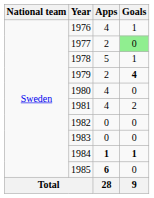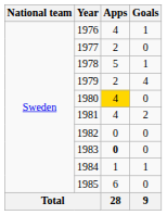 <table class="wikitable" style="text-align:center">
 <tr>
 <th>National team</th>
 <th>Year</th>
 <th>Apps</th>
 <th>Goals</th>
 </tr>
 <tr>
 <td rowspan="10"><a href='#'>Sweden</a></td>
 <td>1976</td>
 <td>4</td>
 <td>1</td>
 </tr>
 <tr>
 <td>1977</td>
 <td>2</td>
-<td style="background: lightgreen;">0</td>
+<td>0</td>
 </tr>
 <tr>
 <td>1978</td>
 <td>5</td>
 <td>1</td>
 </tr>
 <tr>
 <td>1979</td>
 <td>2</td>
-<td><strong>4</strong></td>
+<td>4</td>
 </tr>
 <tr>
 <td>1980</td>
-<td>4</td>
+<td style="background: gold;">4</td>
 <td>0</td>
 </tr>
 <tr>
 <td>1981</td>
 <td>4</td>
 <td>2</td>
 </tr>
 <tr>
 <td>1982</td>
 <td>0</td>
 <td>0</td>
 </tr>
 <tr>
 <td>1983</td>
-<td>0</td>
+<td><strong>0</strong></td>
 <td>0</td>
 </tr>
 <tr>
 <td>1984</td>
-<td><strong>1</strong></td>
-<td><strong>1</strong></td>
+<td>1</td>
+<td>1</td>
 </tr>
 <tr>
 <td>1985</td>
-<td><strong>6</strong></td>
+<td>6</td>
 <td>0</td>
 </tr>
 <tr>
 <th colspan="2">Total</th>
 <th>28</th>
 <th>9</th>
 </tr>
 </table>
